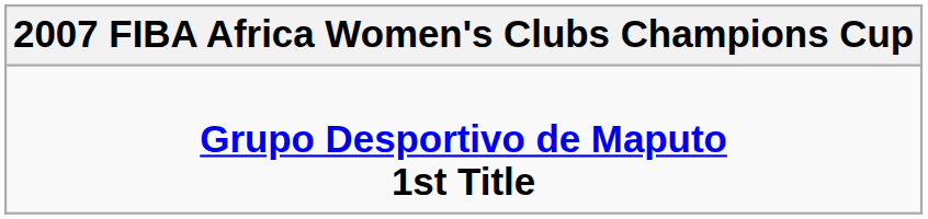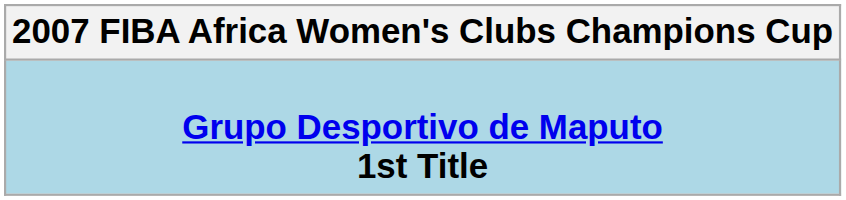 <table class=wikitable style="text-align:center; margin:auto">
 <tr>
 <th>2007 FIBA Africa Women's Clubs Champions Cup</th>
 </tr>
 <tr>
-<td><br><strong><a href='#'>Grupo Desportivo de Maputo</a></strong><br><strong>1st Title</strong></td>
+<td style="background: lightblue;"><br><strong><a href='#'>Grupo Desportivo de Maputo</a></strong><br><strong>1st Title</strong></td>
 </tr>
 </table>
